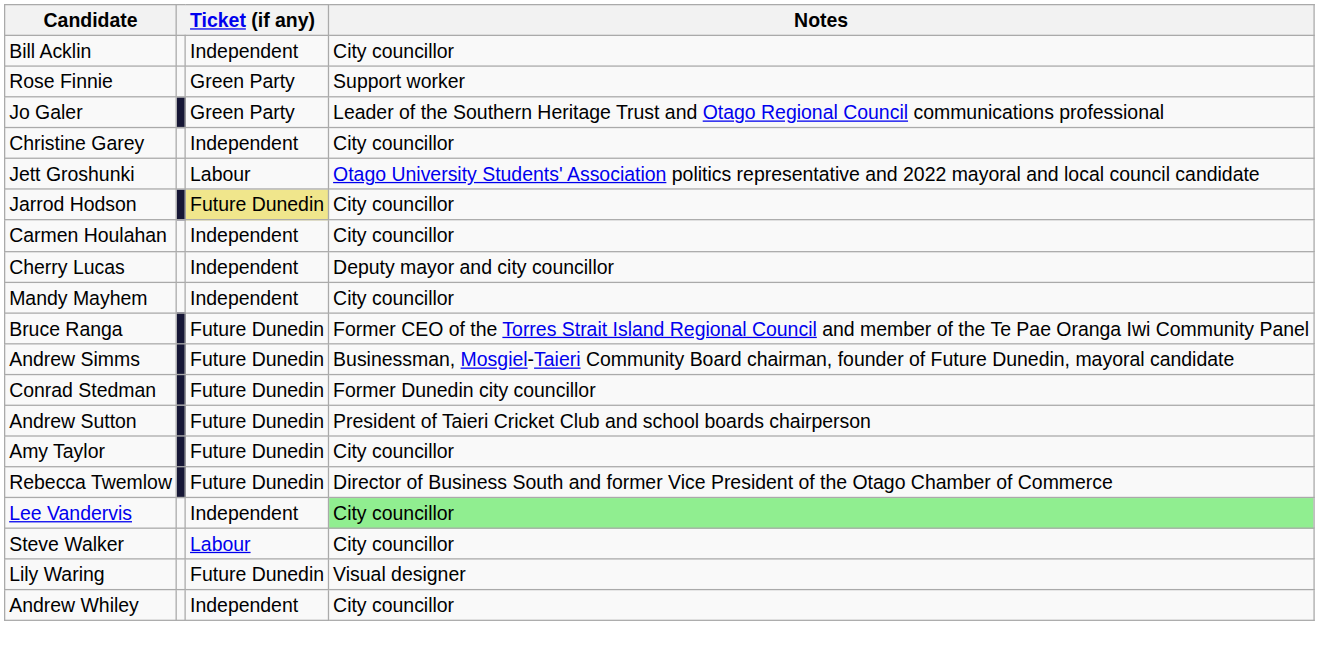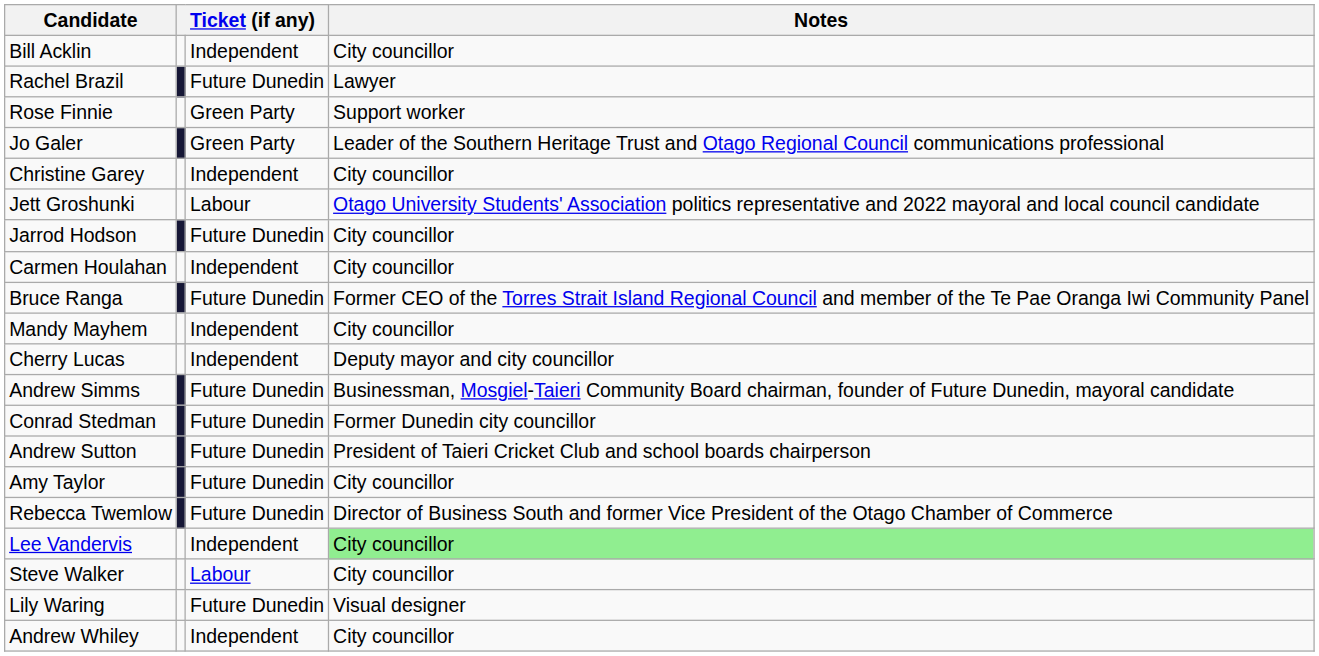 <table class="wikitable" style="font-size: 95%">
 <tr>
 <th>Candidate</th>
 <th colspan="2"><a href='#'>Ticket</a> (if any)</th>
 <th>Notes</th>
 </tr>
 <tr>
 <td>Bill Acklin</td>
 <td></td>
 <td>Independent</td>
 <td>City councillor</td>
+</tr>
+<tr>
+<td>Rachel Brazil</td>
+<td style="background-color:#161736ff"></td>
+<td>Future Dunedin</td>
+<td>Lawyer</td>
 </tr>
 <tr>
 <td>Rose Finnie</td>
 <td style="background-color:"></td>
 <td>Green Party</td>
 <td>Support worker</td>
 </tr>
 <tr>
 <td>Jo Galer</td>
 <td style="background-color:#161736ff"></td>
 <td>Green Party</td>
 <td>Leader of the Southern Heritage Trust and <a href='#'>Otago Regional Council</a> communications professional</td>
 </tr>
 <tr>
 <td>Christine Garey</td>
 <td></td>
 <td>Independent</td>
 <td>City councillor</td>
 </tr>
 <tr>
 <td>Jett Groshunki</td>
 <td style="background-color:"></td>
 <td>Labour</td>
 <td><a href='#'>Otago University Students' Association</a> politics representative and 2022 mayoral and local council candidate</td>
 </tr>
 <tr>
 <td>Jarrod Hodson</td>
 <td style="background-color:#161736ff"></td>
-<td style="background: khaki;">Future Dunedin</td>
+<td>Future Dunedin</td>
 <td>City councillor </td>
 </tr>
 <tr>
 <td>Carmen Houlahan</td>
 <td></td>
 <td>Independent</td>
 <td>City councillor</td>
 </tr>
 <tr>
-<td>Cherry Lucas</td>
-<td></td>
-<td>Independent</td>
-<td>Deputy mayor and city councillor</td>
+<td>Bruce Ranga</td>
+<td style="background-color:#161736ff"></td>
+<td>Future Dunedin</td>
+<td>Former CEO of the <a href='#'>Torres Strait Island Regional Council</a> and member of the Te Pae Oranga Iwi Community Panel</td>
 </tr>
 <tr>
 <td>Mandy Mayhem</td>
 <td></td>
 <td>Independent</td>
 <td>City councillor</td>
 </tr>
 <tr>
-<td>Bruce Ranga</td>
-<td style="background-color:#161736ff"></td>
-<td>Future Dunedin</td>
-<td>Former CEO of the <a href='#'>Torres Strait Island Regional Council</a> and member of the Te Pae Oranga Iwi Community Panel</td>
+<td>Cherry Lucas</td>
+<td></td>
+<td>Independent</td>
+<td>Deputy mayor and city councillor</td>
 </tr>
 <tr>
 <td>Andrew Simms</td>
 <td style="background-color:#161736ff"></td>
 <td>Future Dunedin</td>
 <td>Businessman, <a href='#'>Mosgiel</a>-<a href='#'>Taieri</a> Community Board chairman, founder of Future Dunedin, mayoral candidate</td>
 </tr>
 <tr>
 <td>Conrad Stedman</td>
 <td style="background-color:#161736ff"></td>
 <td>Future Dunedin</td>
 <td>Former Dunedin city councillor</td>
 </tr>
 <tr>
 <td>Andrew Sutton</td>
 <td style="background-color:#161736ff"></td>
 <td>Future Dunedin</td>
 <td>President of Taieri Cricket Club and school boards chairperson</td>
 </tr>
 <tr>
 <td>Amy Taylor</td>
 <td style="background-color:#161736ff"></td>
 <td>Future Dunedin</td>
 <td>City councillor</td>
 </tr>
 <tr>
 <td>Rebecca Twemlow</td>
 <td style="background-color:#161736ff"></td>
 <td>Future Dunedin</td>
 <td>Director of Business South and former Vice President of the Otago Chamber of Commerce</td>
 </tr>
 <tr>
 <td><a href='#'>Lee Vandervis</a></td>
 <td></td>
 <td>Independent</td>
 <td style="background: lightgreen;">City councillor</td>
 </tr>
 <tr>
 <td>Steve Walker</td>
 <td style="background-color:"></td>
 <td><a href='#'>Labour</a></td>
 <td>City councillor </td>
 </tr>
 <tr>
 <td>Lily Waring</td>
 <td style="background-color:"></td>
 <td>Future Dunedin</td>
 <td>Visual designer</td>
 </tr>
 <tr>
 <td>Andrew Whiley</td>
 <td></td>
 <td>Independent</td>
 <td>City councillor </td>
 </tr>
 </table>
